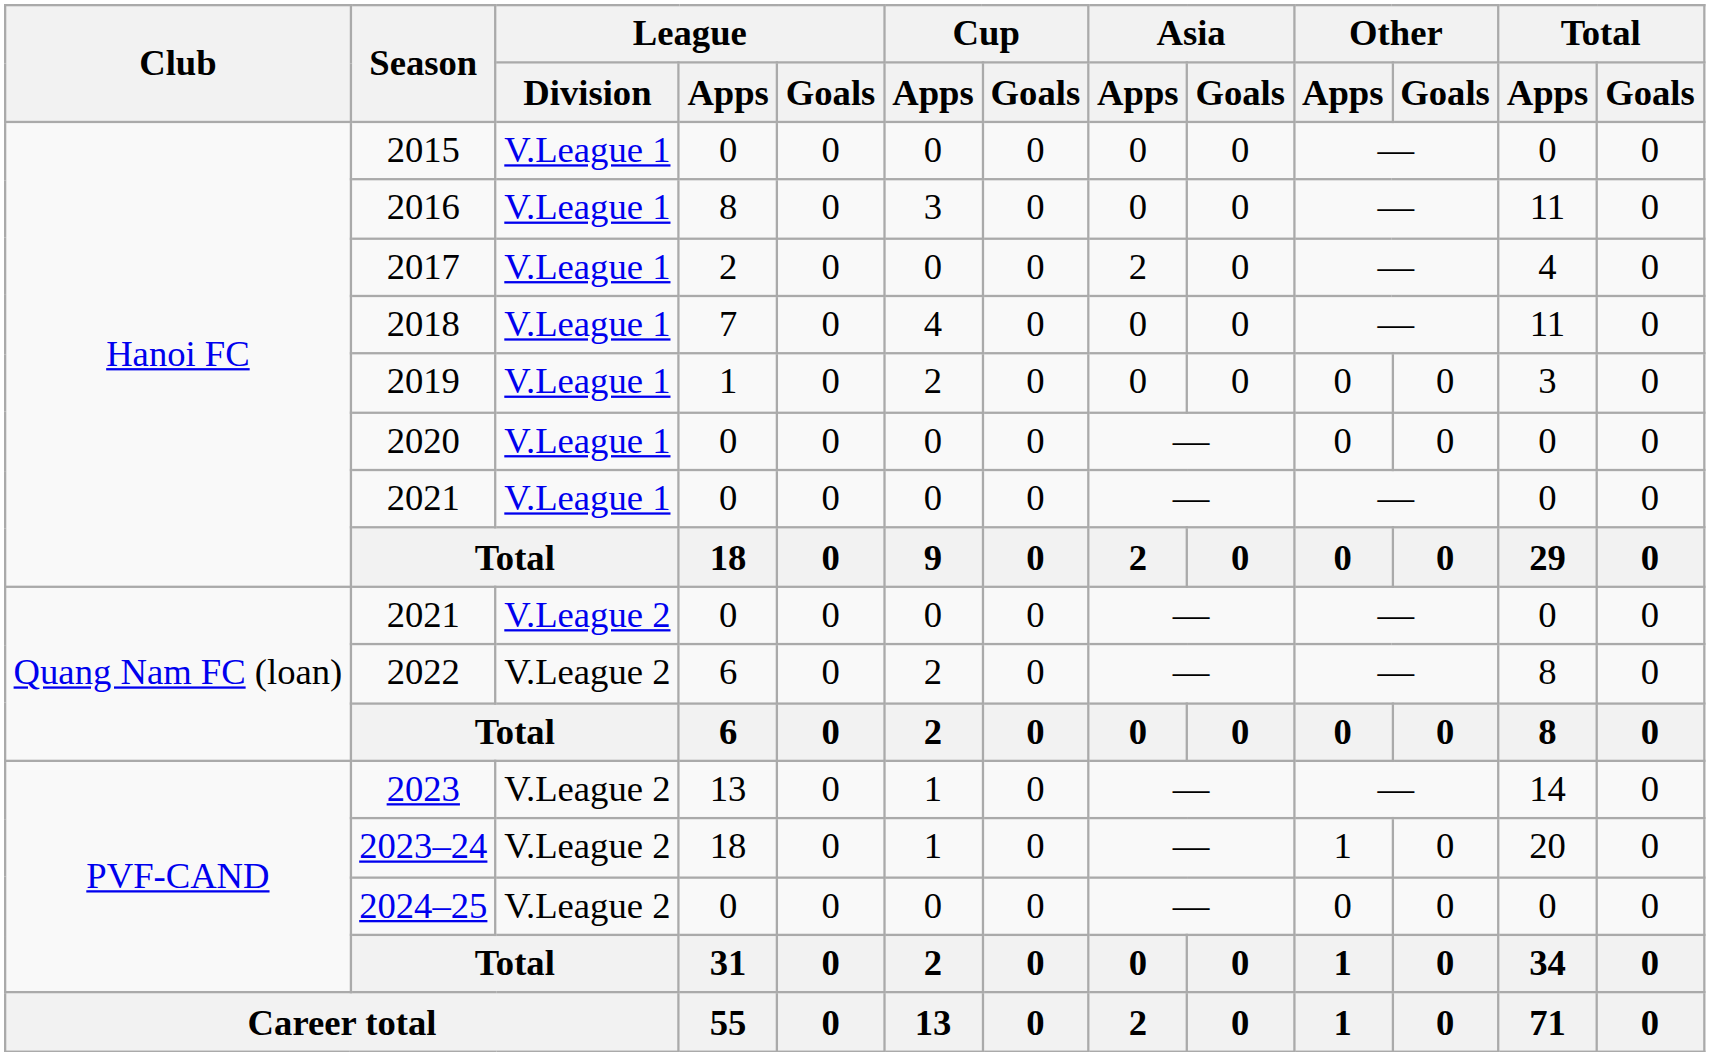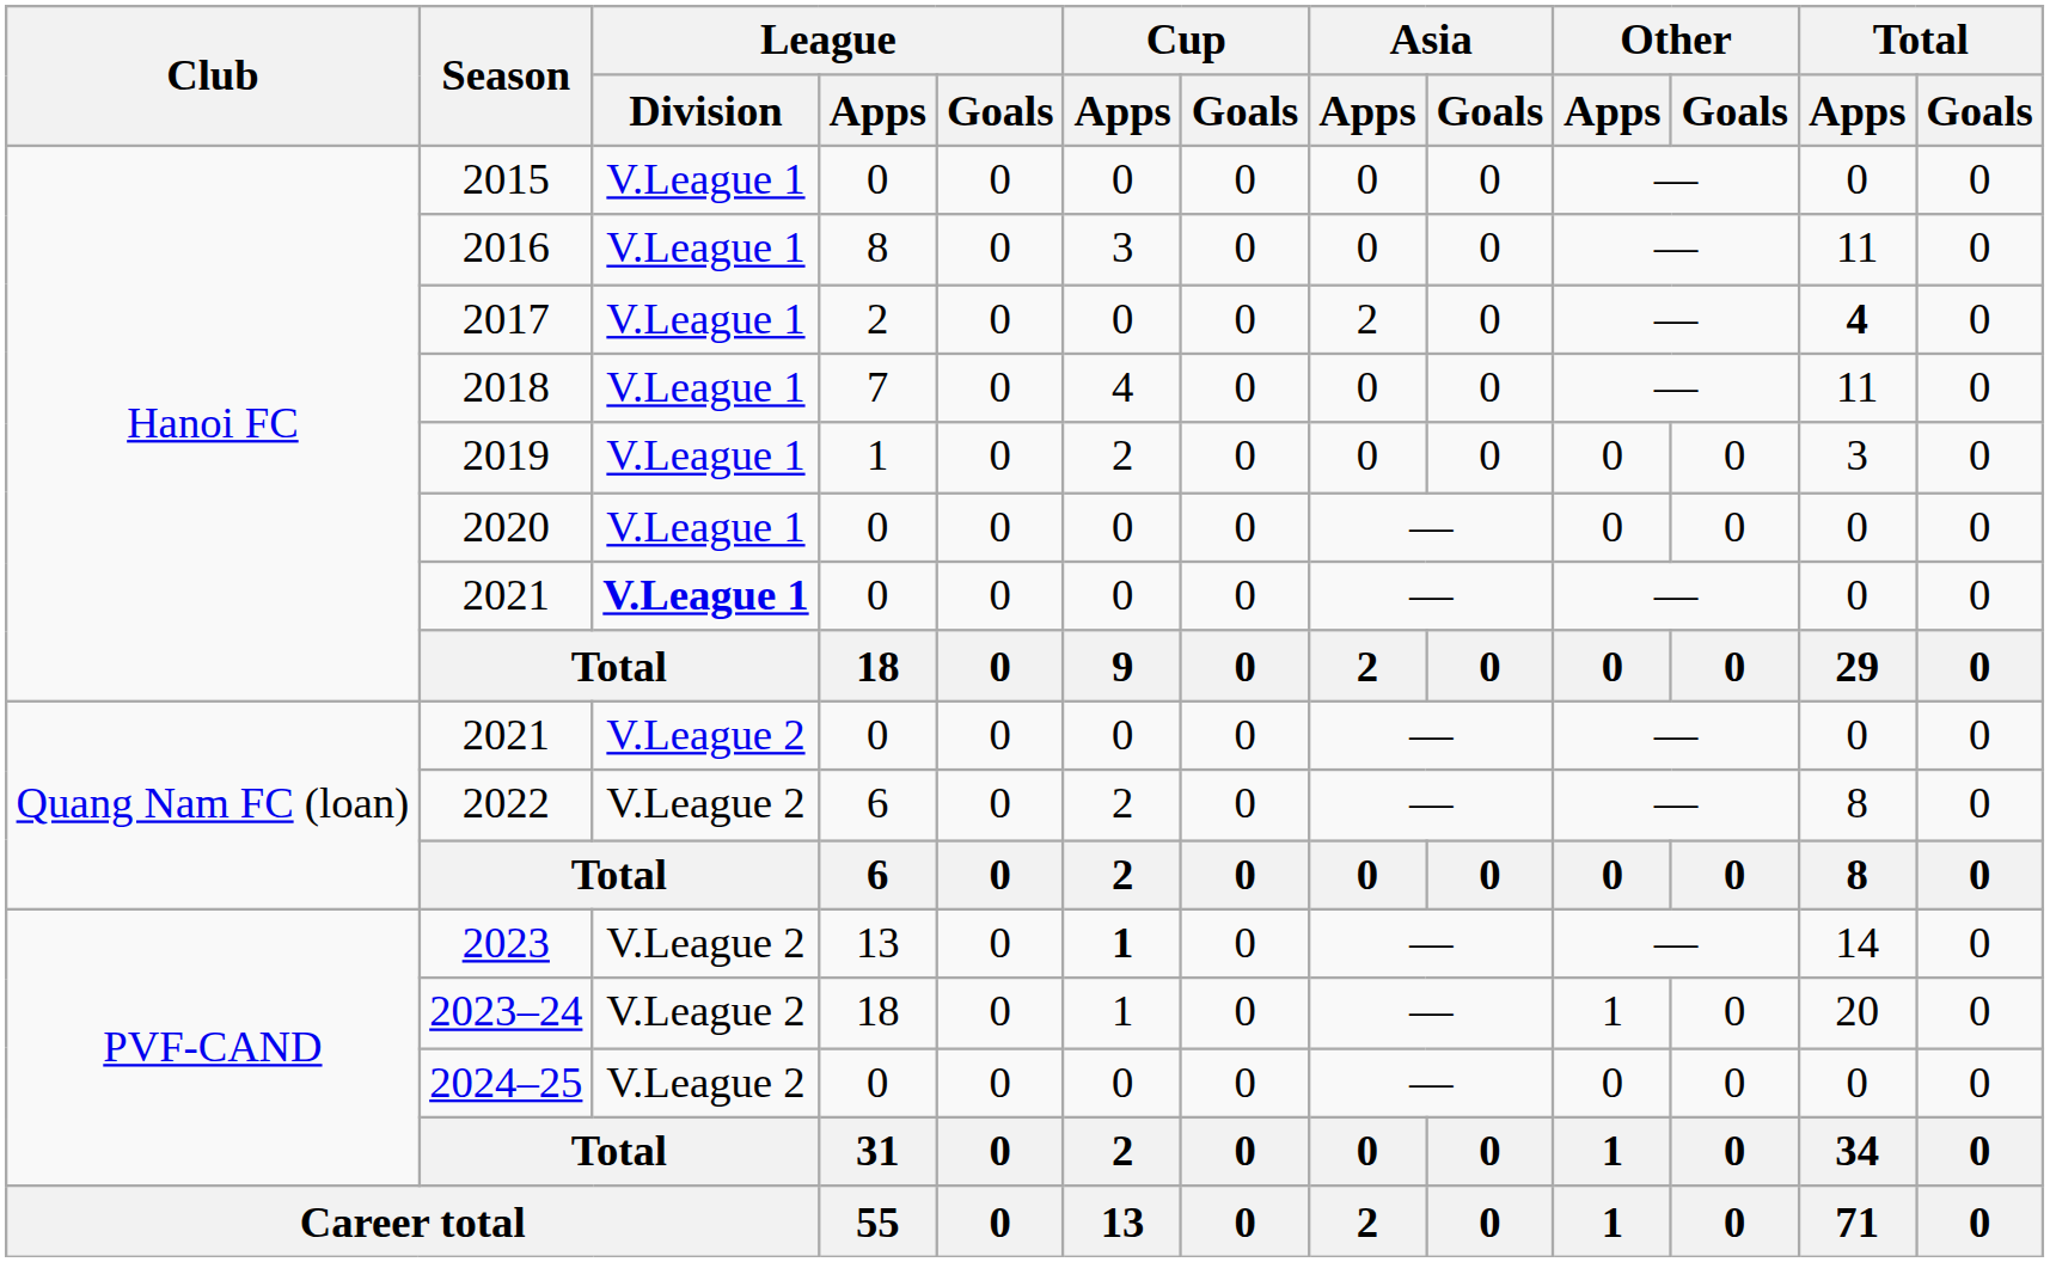 <table class="wikitable" style="text-align:center">
 <tr>
 <th rowspan=2>Club</th>
 <th rowspan=2>Season</th>
 <th colspan=3>League</th>
 <th colspan=2>Cup</th>
 <th colspan=2>Asia</th>
 <th colspan=2>Other</th>
 <th colspan=2>Total</th>
 </tr>
 <tr>
 <th>Division</th>
 <th>Apps</th>
 <th>Goals</th>
 <th>Apps</th>
 <th>Goals</th>
 <th>Apps</th>
 <th>Goals</th>
 <th>Apps</th>
 <th>Goals</th>
 <th>Apps</th>
 <th>Goals</th>
 </tr>
 <tr>
 <td rowspan=8><a href='#'>Hanoi FC</a></td>
 <td>2015</td>
 <td><a href='#'>V.League 1</a></td>
 <td>0</td>
 <td>0</td>
 <td>0</td>
 <td>0</td>
 <td>0</td>
 <td>0</td>
 <td colspan=2>—</td>
 <td>0</td>
 <td>0</td>
 </tr>
 <tr>
 <td>2016</td>
 <td><a href='#'>V.League 1</a></td>
 <td>8</td>
 <td>0</td>
 <td>3</td>
 <td>0</td>
 <td>0</td>
 <td>0</td>
 <td colspan=2>—</td>
 <td>11</td>
 <td>0</td>
 </tr>
 <tr>
 <td>2017</td>
 <td><a href='#'>V.League 1</a></td>
 <td>2</td>
 <td>0</td>
 <td>0</td>
 <td>0</td>
 <td>2</td>
 <td>0</td>
 <td colspan=2>—</td>
-<td>4</td>
+<td><strong>4</strong></td>
 <td>0</td>
 </tr>
 <tr>
 <td>2018</td>
 <td><a href='#'>V.League 1</a></td>
 <td>7</td>
 <td>0</td>
 <td>4</td>
 <td>0</td>
 <td>0</td>
 <td>0</td>
 <td colspan=2>—</td>
 <td>11</td>
 <td>0</td>
 </tr>
 <tr>
 <td>2019</td>
 <td><a href='#'>V.League 1</a></td>
 <td>1</td>
 <td>0</td>
 <td>2</td>
 <td>0</td>
 <td>0</td>
 <td>0</td>
 <td>0</td>
 <td>0</td>
 <td>3</td>
 <td>0</td>
 </tr>
 <tr>
 <td>2020</td>
 <td><a href='#'>V.League 1</a></td>
 <td>0</td>
 <td>0</td>
 <td>0</td>
 <td>0</td>
 <td colspan=2>—</td>
 <td>0</td>
 <td>0</td>
 <td>0</td>
 <td>0</td>
 </tr>
 <tr>
 <td>2021</td>
-<td><a href='#'>V.League 1</a></td>
+<td><strong><a href='#'>V.League 1</a></strong></td>
 <td>0</td>
 <td>0</td>
 <td>0</td>
 <td>0</td>
 <td colspan=2>—</td>
 <td colspan=2>—</td>
 <td>0</td>
 <td>0</td>
 </tr>
 <tr>
 <th colspan=2>Total</th>
 <th>18</th>
 <th>0</th>
 <th>9</th>
 <th>0</th>
 <th>2</th>
 <th>0</th>
 <th>0</th>
 <th>0</th>
 <th>29</th>
 <th>0</th>
 </tr>
 <tr>
 <td rowspan=3><a href='#'>Quang Nam FC</a> (loan)</td>
 <td>2021</td>
 <td><a href='#'>V.League 2</a></td>
 <td>0</td>
 <td>0</td>
 <td>0</td>
 <td>0</td>
 <td colspan=2>—</td>
 <td colspan=2>—</td>
 <td>0</td>
 <td>0</td>
 </tr>
 <tr>
 <td>2022</td>
 <td>V.League 2</td>
 <td>6</td>
 <td>0</td>
 <td>2</td>
 <td>0</td>
 <td colspan=2>—</td>
 <td colspan=2>—</td>
 <td>8</td>
 <td>0</td>
 </tr>
 <tr>
 <th colspan=2>Total</th>
 <th>6</th>
 <th>0</th>
 <th>2</th>
 <th>0</th>
 <th>0</th>
 <th>0</th>
 <th>0</th>
 <th>0</th>
 <th>8</th>
 <th>0</th>
 </tr>
 <tr>
 <td rowspan=4><a href='#'>PVF-CAND</a></td>
 <td><a href='#'>2023</a></td>
 <td>V.League 2</td>
 <td>13</td>
 <td>0</td>
-<td>1</td>
+<td><strong>1</strong></td>
 <td>0</td>
 <td colspan=2>—</td>
 <td colspan=2>—</td>
 <td>14</td>
 <td>0</td>
 </tr>
 <tr>
 <td><a href='#'>2023–24</a></td>
 <td>V.League 2</td>
 <td>18</td>
 <td>0</td>
 <td>1</td>
 <td>0</td>
 <td colspan=2>—</td>
 <td>1</td>
 <td>0</td>
 <td>20</td>
 <td>0</td>
 </tr>
 <tr>
 <td><a href='#'>2024–25</a></td>
 <td>V.League 2</td>
 <td>0</td>
 <td>0</td>
 <td>0</td>
 <td>0</td>
 <td colspan=2>—</td>
 <td>0</td>
 <td>0</td>
 <td>0</td>
 <td>0</td>
 </tr>
 <tr>
 <th colspan=2>Total</th>
 <th>31</th>
 <th>0</th>
 <th>2</th>
 <th>0</th>
 <th>0</th>
 <th>0</th>
 <th>1</th>
 <th>0</th>
 <th>34</th>
 <th>0</th>
 </tr>
 <tr>
 <th colspan=3>Career total</th>
 <th>55</th>
 <th>0</th>
 <th>13</th>
 <th>0</th>
 <th>2</th>
 <th>0</th>
 <th>1</th>
 <th>0</th>
 <th>71</th>
 <th>0</th>
 </tr>
 </table>
